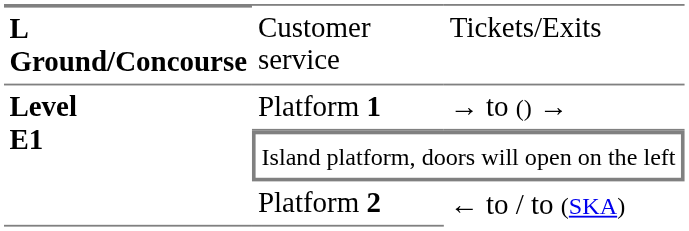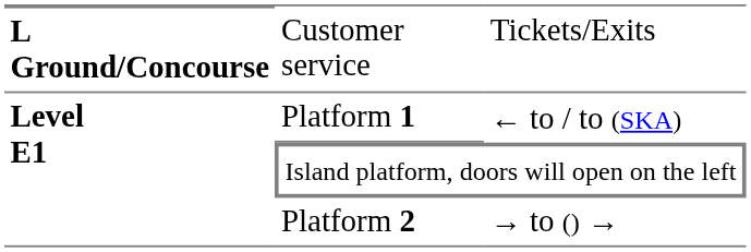 <table table border=0 cellspacing=0 cellpadding=3>
 <tr>
 <td style="border-bottom:solid 1px gray;border-top:solid 2px gray;" width=50 valign=top><strong>L<br>Ground/Concourse</strong></td>
 <td style="border-top:solid 1px gray;border-bottom:solid 1px gray;" width=100 valign=top>Customer service</td>
 <td style="border-top:solid 1px gray;border-bottom:solid 1px gray;" valign=top>Tickets/Exits</td>
 </tr>
 <tr>
 <td style="border-bottom:solid 1px gray;" rowspan=3 valign=top><strong>Level<br>Ε1</strong></td>
 <td style="border-bottom:solid 1px gray;">Platform <strong>1</strong></td>
-<td style="border-bottom:solid 1px gray;"><span>→</span>   to  <small>()</small> →</td>
+<td>←  to  /  to  <small>(<a href='#'>SKA</a>)</small></td>
 </tr>
 <tr>
 <td style="border-bottom:solid 2px grey;border-top:solid 2px grey;border-right:solid 2px grey;border-left:solid 2px grey;text-align:center;" colspan=2><small>Island platform, doors will open on the left</small></td>
 </tr>
 <tr>
 <td style="border-bottom:solid 1px gray;">Platform <strong>2</strong></td>
-<td>←  to  /  to  <small>(<a href='#'>SKA</a>)</small></td>
+<td style="border-bottom:solid 1px gray;"><span>→</span>   to  <small>()</small> →</td>
 </tr>
 </table>
